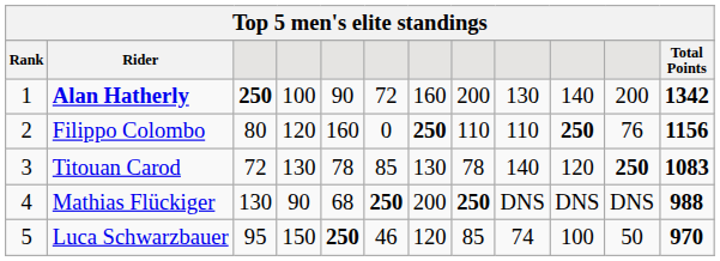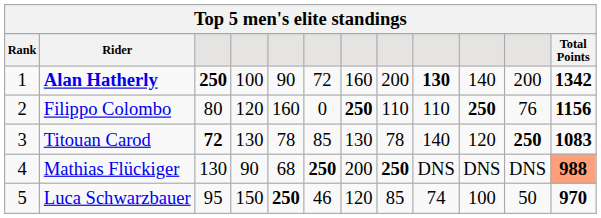 <table class="wikitable sortable">
 <tr>
 <th colspan=27 align="center"><strong>Top 5 men's elite standings</strong></th>
 </tr>
 <tr>
 </tr>
 <tr style="font-size:8pt;font-weight:bold">
 <th align="center">Rank</th>
 <th align="center">Rider</th>
 <th class=unsortable style="background:#E5E4E2;"><small></small></th>
 <th class=unsortable style="background:#E5E4E2;"><small></small></th>
 <th class=unsortable style="background:#E5E4E2;"><small></small></th>
 <th class=unsortable style="background:#E5E4E2;"><small></small></th>
 <th class=unsortable style="background:#E5E4E2;"><small></small></th>
 <th class=unsortable style="background:#E5E4E2;"><small></small></th>
 <th class=unsortable style="background:#E5E4E2;"><small></small></th>
 <th class=unsortable style="background:#E5E4E2;"><small></small></th>
 <th class=unsortable style="background:#E5E4E2;"><small></small></th>
 <th align="center">Total<br>Points</th>
 </tr>
 <tr>
 <td align=center>1</td>
 <td> <strong><a href='#'>Alan Hatherly</a></strong></td>
 <td align=center><strong>250</strong></td>
 <td align=center>100</td>
 <td align=center>90</td>
 <td align=center>72</td>
 <td align=center>160</td>
 <td align=center>200</td>
-<td align=center>130</td>
+<td align=center><strong>130</strong></td>
 <td align=center>140</td>
 <td align=center>200</td>
 <td align=center><strong>1342</strong></td>
 </tr>
 <tr>
 <td align=center>2</td>
 <td> <a href='#'>Filippo Colombo</a></td>
 <td align=center>80</td>
 <td align=center>120</td>
 <td align=center>160</td>
 <td align=center>0</td>
 <td align=center><strong>250</strong></td>
 <td align=center>110</td>
 <td align=center>110</td>
 <td align=center><strong>250</strong></td>
 <td align=center>76</td>
 <td align=center><strong>1156</strong></td>
 </tr>
 <tr>
 <td align=center>3</td>
 <td> <a href='#'>Titouan Carod</a></td>
-<td align=center>72</td>
+<td align=center><strong>72</strong></td>
 <td align=center>130</td>
 <td align=center>78</td>
 <td align=center>85</td>
 <td align=center>130</td>
 <td align=center>78</td>
 <td align=center>140</td>
 <td align=center>120</td>
 <td align=center><strong>250</strong></td>
 <td align=center><strong>1083</strong></td>
 </tr>
 <tr>
 <td align=center>4</td>
 <td> <a href='#'>Mathias Flückiger</a></td>
 <td align=center>130</td>
 <td align=center>90</td>
 <td align=center>68</td>
 <td align=center><strong>250</strong></td>
 <td align=center>200</td>
 <td align=center><strong>250</strong></td>
 <td align=center>DNS</td>
 <td align=center>DNS</td>
 <td align=center>DNS</td>
-<td align=center><strong>988</strong></td>
+<td align=center style="background: lightsalmon;"><strong>988</strong></td>
 </tr>
 <tr>
 <td align=center>5</td>
 <td> <a href='#'>Luca Schwarzbauer</a></td>
 <td align=center>95</td>
 <td align=center>150</td>
 <td align=center><strong>250</strong></td>
 <td align=center>46</td>
 <td align=center>120</td>
 <td align=center>85</td>
 <td align=center>74</td>
 <td align=center>100</td>
 <td align=center>50</td>
 <td align=center><strong>970</strong></td>
 </tr>
 </table>
